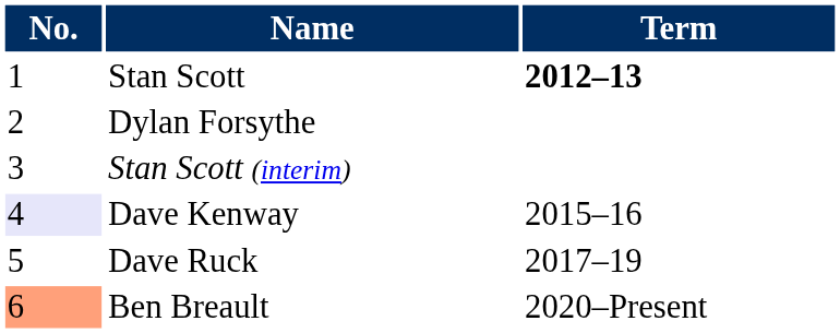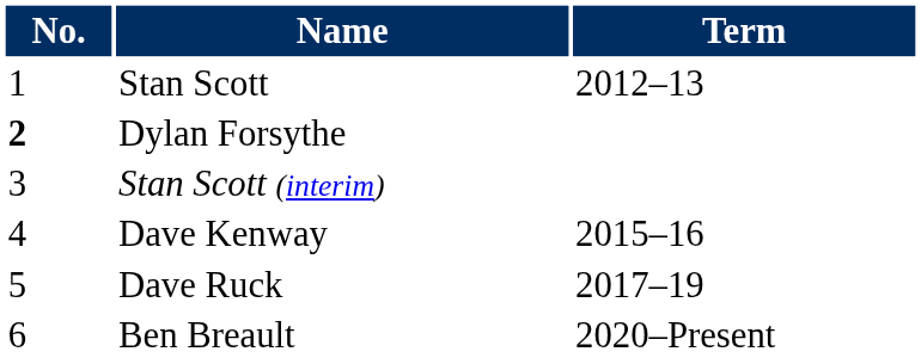 <table class="toccolours" style="width:25em">
 <tr>
 <th style="background:#002e62;color:white;border:#002e62 1px solid">No.</th>
 <th style="background:#002e62;color:white;border:#002e62 1px solid">Name</th>
 <th style="background:#002e62;color:white;border:#002e62 1px solid">Term</th>
 </tr>
 <tr>
 <td>1</td>
 <td> Stan Scott</td>
-<td><strong>2012–13</strong></td>
+<td>2012–13</td>
 </tr>
 <tr>
-<td>2</td>
+<td><strong>2</strong></td>
 <td> Dylan Forsythe</td>
 <td></td>
 </tr>
 <tr>
 <td>3</td>
 <td> <em>Stan Scott <small>(<a href='#'>interim</a>)</small></em></td>
 <td><em></em></td>
 </tr>
 <tr>
-<td style="background: lavender;">4</td>
+<td>4</td>
 <td> Dave Kenway</td>
 <td>2015–16</td>
 </tr>
 <tr>
 <td>5</td>
 <td> Dave Ruck</td>
 <td>2017–19</td>
 </tr>
 <tr>
-<td style="background: lightsalmon;">6</td>
+<td>6</td>
 <td> Ben Breault</td>
 <td>2020–Present</td>
 </tr>
 <tr>
 </tr>
 </table>
